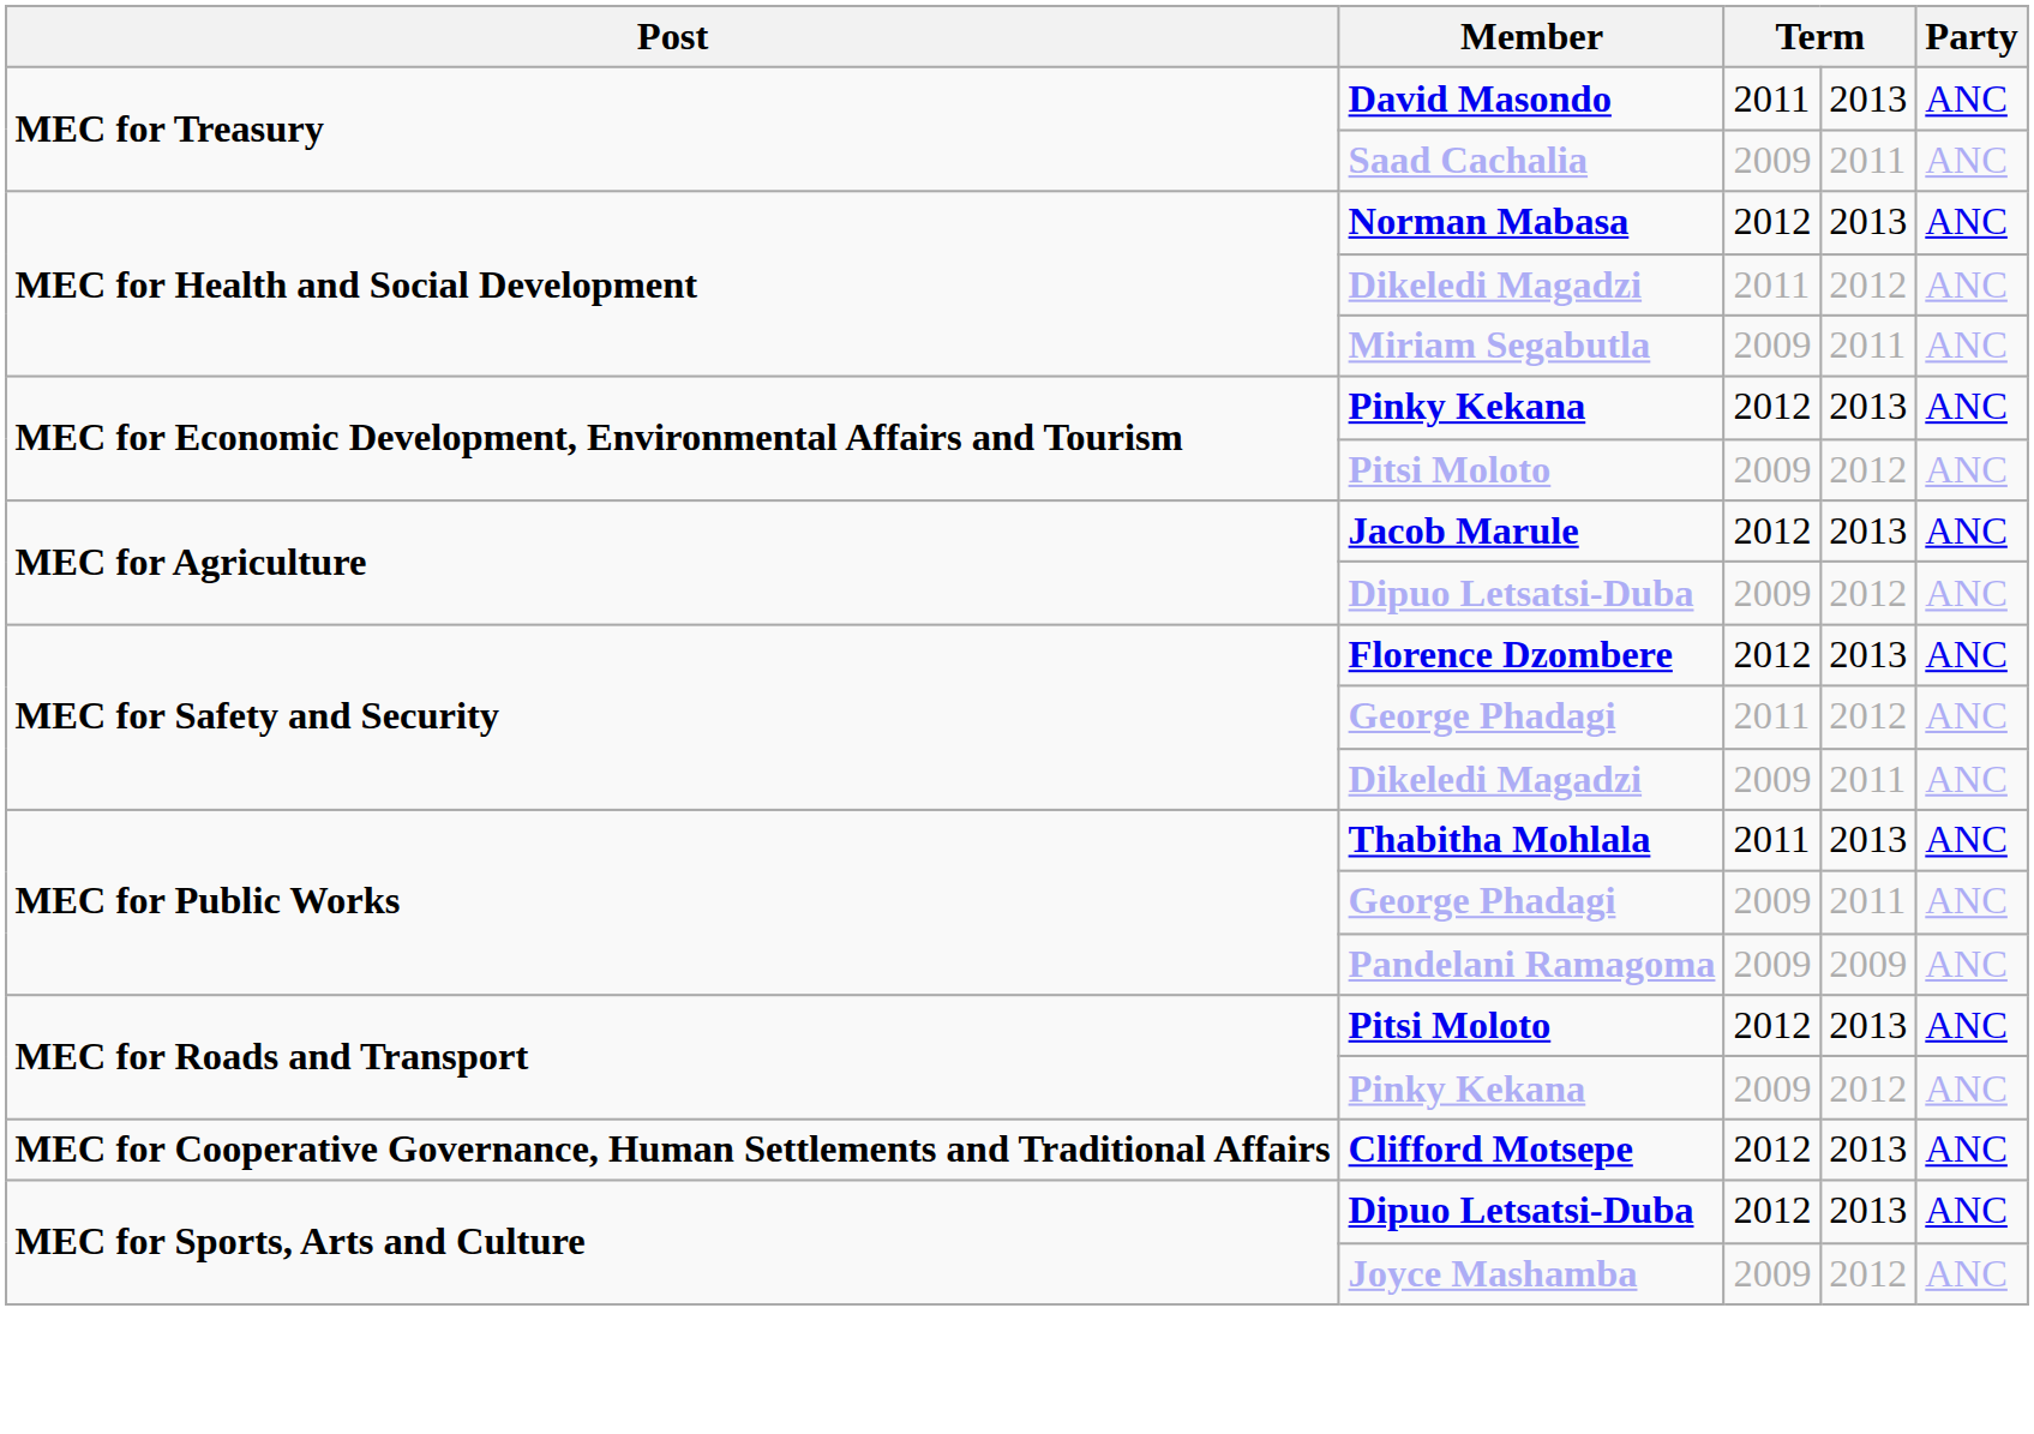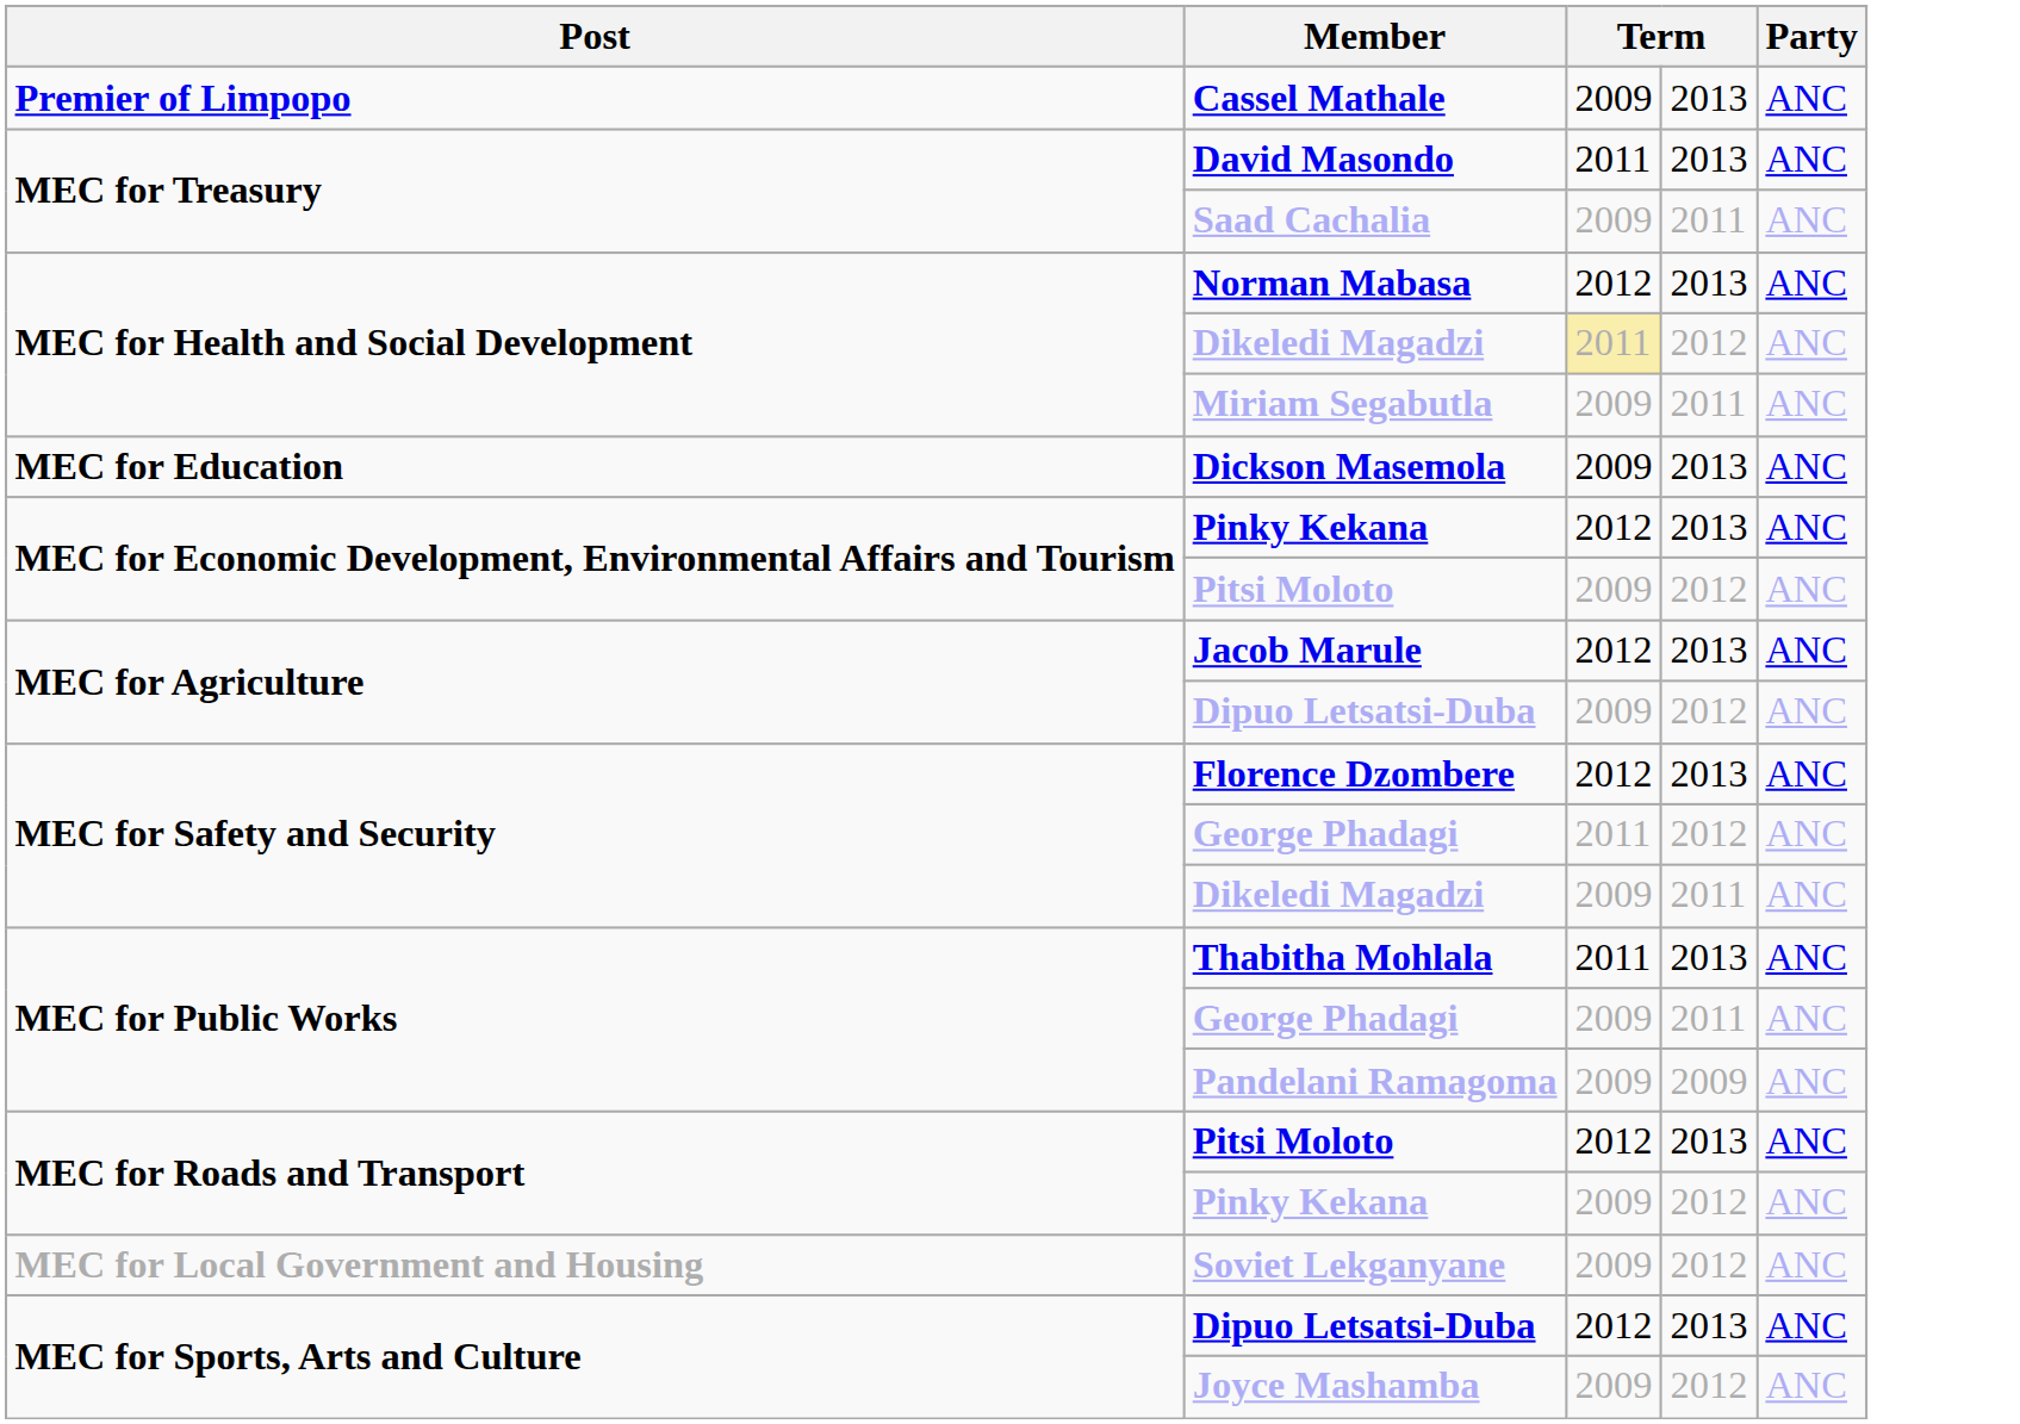 <table class="wikitable">
 <tr>
 <th>Post</th>
 <th>Member</th>
 <th colspan="2">Term</th>
 <th>Party</th>
+</tr>
+<tr>
+<td><strong><a href='#'>Premier of Limpopo</a></strong></td>
+<td><strong><a href='#'>Cassel Mathale</a></strong></td>
+<td>2009</td>
+<td>2013</td>
+<td><a href='#'>ANC</a></td>
 </tr>
 <tr>
 <td rowspan="2"><strong>MEC for Treasury</strong></td>
 <td><strong><a href='#'>David Masondo</a></strong></td>
 <td>2011</td>
 <td>2013</td>
 <td><a href='#'>ANC</a></td>
 </tr>
 <tr style="opacity:.3;">
 <td><strong><a href='#'>Saad Cachalia</a></strong></td>
 <td>2009</td>
 <td>2011</td>
 <td><a href='#'>ANC</a></td>
 </tr>
 <tr>
 <td rowspan="3"><strong>MEC for Health and Social Development</strong></td>
 <td><strong><a href='#'>Norman Mabasa</a></strong></td>
 <td>2012</td>
 <td>2013</td>
 <td><a href='#'>ANC</a></td>
 </tr>
 <tr style="opacity:.3;">
 <td><strong><a href='#'>Dikeledi Magadzi</a></strong></td>
-<td>2011</td>
+<td style="background: gold;">2011</td>
 <td>2012</td>
 <td><a href='#'>ANC</a></td>
 </tr>
 <tr style="opacity:.3;">
 <td><strong><a href='#'>Miriam Segabutla</a></strong></td>
 <td>2009</td>
 <td>2011</td>
+<td><a href='#'>ANC</a></td>
+</tr>
+<tr>
+<td><strong>MEC for Education</strong></td>
+<td><strong><a href='#'>Dickson Masemola</a></strong></td>
+<td>2009</td>
+<td>2013</td>
 <td><a href='#'>ANC</a></td>
 </tr>
 <tr>
 <td rowspan="2"><strong>MEC for Economic Development, Environmental Affairs and Tourism</strong></td>
 <td><strong><a href='#'>Pinky Kekana</a></strong></td>
 <td>2012</td>
 <td>2013</td>
 <td><a href='#'>ANC</a></td>
 </tr>
 <tr style="opacity:.3;">
 <td><strong><a href='#'>Pitsi Moloto</a></strong></td>
 <td>2009</td>
 <td>2012</td>
 <td><a href='#'>ANC</a></td>
 </tr>
 <tr>
 <td rowspan="2"><strong>MEC for Agriculture</strong></td>
 <td><strong><a href='#'>Jacob Marule</a></strong></td>
 <td>2012</td>
 <td>2013</td>
 <td><a href='#'>ANC</a></td>
 </tr>
 <tr style="opacity:.3;">
 <td><strong><a href='#'>Dipuo Letsatsi-Duba</a></strong></td>
 <td>2009</td>
 <td>2012</td>
 <td><a href='#'>ANC</a></td>
 </tr>
 <tr>
 <td rowspan="3"><strong>MEC for Safety and Security</strong></td>
 <td><strong><a href='#'>Florence Dzombere</a></strong></td>
 <td>2012</td>
 <td>2013</td>
 <td><a href='#'>ANC</a></td>
 </tr>
 <tr style="opacity:.3;">
 <td><strong><a href='#'>George Phadagi</a></strong></td>
 <td>2011</td>
 <td>2012</td>
 <td><a href='#'>ANC</a></td>
 </tr>
 <tr style="opacity:.3;">
 <td><strong><a href='#'>Dikeledi Magadzi</a></strong></td>
 <td>2009</td>
 <td>2011</td>
 <td><a href='#'>ANC</a></td>
 </tr>
 <tr>
 <td rowspan="3"><strong>MEC for Public Works</strong></td>
 <td><strong><a href='#'>Thabitha Mohlala</a></strong></td>
 <td>2011</td>
 <td>2013</td>
 <td><a href='#'>ANC</a></td>
 </tr>
 <tr style="opacity:.3;">
 <td><strong><a href='#'>George Phadagi</a></strong></td>
 <td>2009</td>
 <td>2011</td>
 <td><a href='#'>ANC</a></td>
 </tr>
 <tr style="opacity:.3;">
 <td><strong><a href='#'>Pandelani Ramagoma</a></strong></td>
 <td>2009</td>
 <td>2009</td>
 <td><a href='#'>ANC</a></td>
 </tr>
 <tr>
 <td rowspan="2"><strong>MEC for Roads and Transport</strong></td>
 <td><strong><a href='#'>Pitsi Moloto</a></strong></td>
 <td>2012</td>
 <td>2013</td>
 <td><a href='#'>ANC</a></td>
 </tr>
 <tr style="opacity:.3;">
 <td><strong><a href='#'>Pinky Kekana</a></strong></td>
 <td>2009</td>
 <td>2012</td>
 <td><a href='#'>ANC</a></td>
 </tr>
-<tr>
-<td><strong>MEC for Cooperative Governance, Human Settlements and Traditional Affairs</strong></td>
-<td><strong><a href='#'>Clifford Motsepe</a></strong></td>
+<tr style="opacity:.3;">
+<td><strong>MEC for Local Government and Housing</strong></td>
+<td><strong><a href='#'>Soviet Lekganyane</a></strong></td>
+<td>2009</td>
 <td>2012</td>
-<td>2013</td>
 <td><a href='#'>ANC</a></td>
 </tr>
 <tr>
 <td rowspan="2"><strong>MEC for Sports, Arts and Culture</strong></td>
 <td><strong><a href='#'>Dipuo Letsatsi-Duba</a></strong></td>
 <td>2012</td>
 <td>2013</td>
 <td><a href='#'>ANC</a></td>
 </tr>
 <tr style="opacity:.3;">
 <td><strong><a href='#'>Joyce Mashamba</a></strong></td>
 <td>2009</td>
 <td>2012</td>
 <td><a href='#'>ANC</a></td>
 </tr>
 </table>
